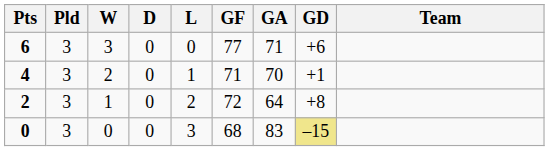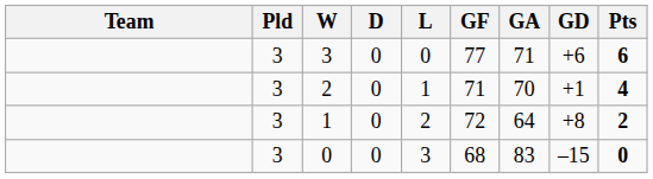 <table class="wikitable" style="text-align: center;">
 <tr>
-<th width="30">Pts</th>
+<th width="180">Team</th>
 <th width="30">Pld</th>
 <th width="30">W</th>
 <th width="30">D</th>
 <th width="30">L</th>
 <th width="30">GF</th>
 <th width="30">GA</th>
 <th width="30">GD</th>
-<th width="180">Team</th>
+<th width="30">Pts</th>
 </tr>
 <tr>
-<td><strong>6</strong></td>
+<td align="left"></td>
 <td>3</td>
 <td>3</td>
 <td>0</td>
 <td>0</td>
 <td>77</td>
 <td>71</td>
 <td>+6</td>
-<td align="left"></td>
+<td><strong>6</strong></td>
 </tr>
 <tr>
-<td><strong>4</strong></td>
+<td align="left"></td>
 <td>3</td>
 <td>2</td>
 <td>0</td>
 <td>1</td>
 <td>71</td>
 <td>70</td>
 <td>+1</td>
-<td align="left"></td>
+<td><strong>4</strong></td>
 </tr>
 <tr>
-<td><strong>2</strong></td>
+<td align="left"></td>
 <td>3</td>
 <td>1</td>
 <td>0</td>
 <td>2</td>
 <td>72</td>
 <td>64</td>
 <td>+8</td>
-<td align="left"></td>
+<td><strong>2</strong></td>
 </tr>
 <tr>
-<td><strong>0</strong></td>
+<td align="left"></td>
 <td>3</td>
 <td>0</td>
 <td>0</td>
 <td>3</td>
 <td>68</td>
 <td>83</td>
-<td style="background: khaki;">–15</td>
-<td align="left"></td>
+<td>–15</td>
+<td><strong>0</strong></td>
 </tr>
 </table>
